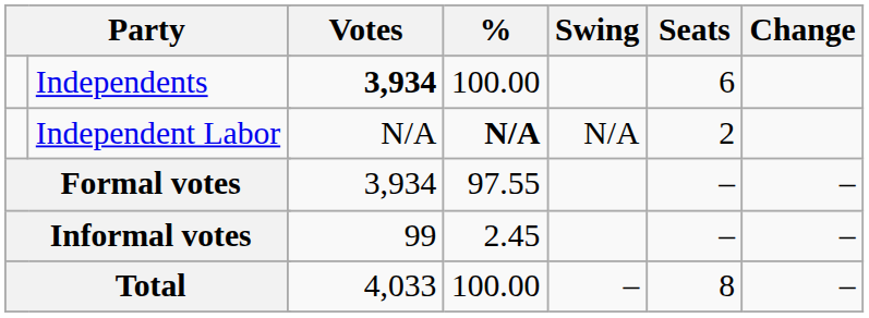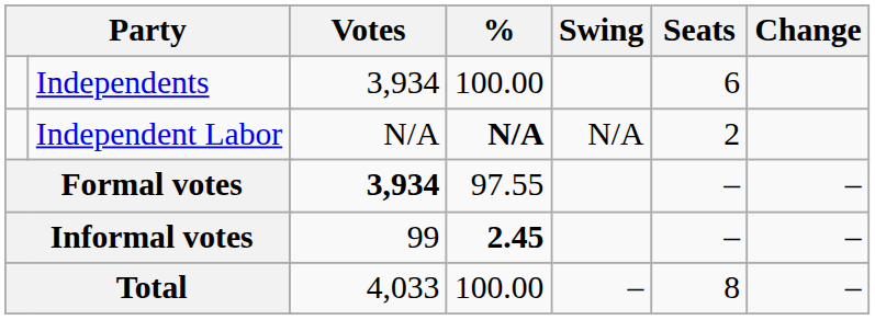 <table class="wikitable" style="text-align:right; margin-bottom:0">
 <tr>
 <th style="width:10px" colspan=3>Party</th>
 <th style="width:70px;">Votes</th>
 <th style="width:40px;">%</th>
 <th style="width:40px;">Swing</th>
 <th style="width:40px;">Seats</th>
 <th style="width:40px;">Change</th>
 </tr>
 <tr>
 <td> </td>
 <td style="text-align:left;" colspan="2"><a href='#'>Independents</a></td>
-<td><strong>3,934</strong></td>
+<td>3,934</td>
 <td>100.00</td>
 <td></td>
 <td>6</td>
 <td></td>
 </tr>
 <tr>
 <td> </td>
 <td style="text-align:left;" colspan="2"><a href='#'>Independent Labor</a></td>
 <td>N/A</td>
 <td><strong>N/A</strong></td>
 <td>N/A</td>
 <td>2</td>
 <td></td>
 </tr>
 <tr>
 <th colspan="3" rowspan="1"> Formal votes</th>
-<td>3,934</td>
+<td><strong>3,934</strong></td>
 <td>97.55</td>
 <td></td>
 <td>–</td>
 <td>–</td>
 </tr>
 <tr>
 <th colspan="3" rowspan="1"> Informal votes</th>
 <td>99</td>
-<td>2.45</td>
+<td><strong>2.45</strong></td>
 <td></td>
 <td>–</td>
 <td>–</td>
 </tr>
 <tr>
 <th colspan="3" rowspan="1"> Total</th>
 <td>4,033</td>
 <td>100.00</td>
 <td>–</td>
 <td>8</td>
 <td>–</td>
 </tr>
 </table>
